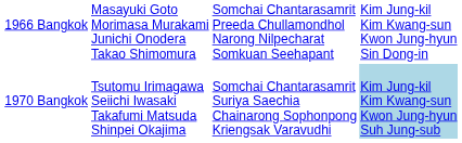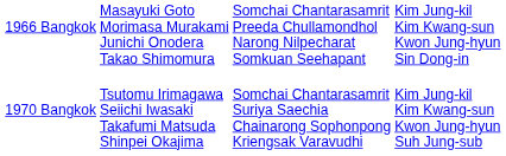 <table>
 <tr>
 <td><a href='#'>1966 Bangkok</a></td>
 <td><br><a href='#'>Masayuki Goto</a><br><a href='#'>Morimasa Murakami</a><br><a href='#'>Junichi Onodera</a><br><a href='#'>Takao Shimomura</a></td>
 <td><br><a href='#'>Somchai Chantarasamrit</a><br><a href='#'>Preeda Chullamondhol</a><br><a href='#'>Narong Nilpecharat</a><br><a href='#'>Somkuan Seehapant</a></td>
 <td><br><a href='#'>Kim Jung-kil</a><br><a href='#'>Kim Kwang-sun</a><br><a href='#'>Kwon Jung-hyun</a><br><a href='#'>Sin Dong-in</a></td>
 </tr>
 <tr>
 <td><a href='#'>1970 Bangkok</a></td>
 <td><br><a href='#'>Tsutomu Irimagawa</a><br><a href='#'>Seiichi Iwasaki</a><br><a href='#'>Takafumi Matsuda</a><br><a href='#'>Shinpei Okajima</a></td>
 <td><br><a href='#'>Somchai Chantarasamrit</a><br><a href='#'>Suriya Saechia</a><br><a href='#'>Chainarong Sophonpong</a><br><a href='#'>Kriengsak Varavudhi</a></td>
-<td style="background: lightblue;"><br><a href='#'>Kim Jung-kil</a><br><a href='#'>Kim Kwang-sun</a><br><a href='#'>Kwon Jung-hyun</a><br><a href='#'>Suh Jung-sub</a></td>
+<td><br><a href='#'>Kim Jung-kil</a><br><a href='#'>Kim Kwang-sun</a><br><a href='#'>Kwon Jung-hyun</a><br><a href='#'>Suh Jung-sub</a></td>
 </tr>
 </table>
